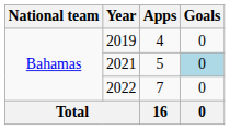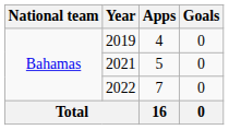 <table class="wikitable" style="text-align:center">
 <tr>
 <th>National team</th>
 <th>Year</th>
 <th>Apps</th>
 <th>Goals</th>
 </tr>
 <tr>
 <td rowspan="3"><a href='#'>Bahamas</a></td>
 <td>2019</td>
 <td>4</td>
 <td>0</td>
 </tr>
 <tr>
 <td>2021</td>
 <td>5</td>
-<td style="background: lightblue;">0</td>
+<td>0</td>
 </tr>
 <tr>
 <td>2022</td>
 <td>7</td>
 <td>0</td>
 </tr>
 <tr>
 <th colspan=2>Total</th>
 <th>16</th>
 <th>0</th>
 </tr>
 </table>
